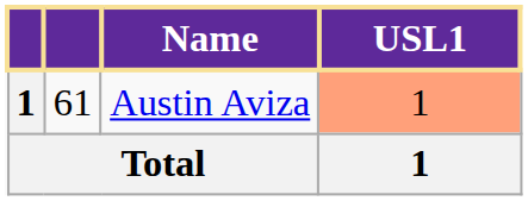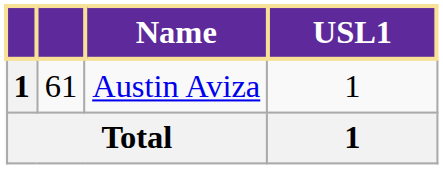 <table class="wikitable" style="text-align:center;">
 <tr>
 <th style="background:#5E299A; color:white; border:2px solid #F8E196;"></th>
 <th style="background:#5E299A; color:white; border:2px solid #F8E196;"></th>
 <th style="background:#5E299A; color:white; border:2px solid #F8E196;">Name</th>
 <th style="background:#5E299A; color:white; border:2px solid #F8E196; width:75px;">USL1</th>
 </tr>
 <tr>
 <th>1</th>
 <td>61</td>
 <td align="left"> <a href='#'>Austin Aviza</a></td>
-<td style="background: lightsalmon;">1</td>
+<td>1</td>
 </tr>
 <tr>
 <th colspan="3">Total</th>
 <th>1</th>
 </tr>
 </table>
